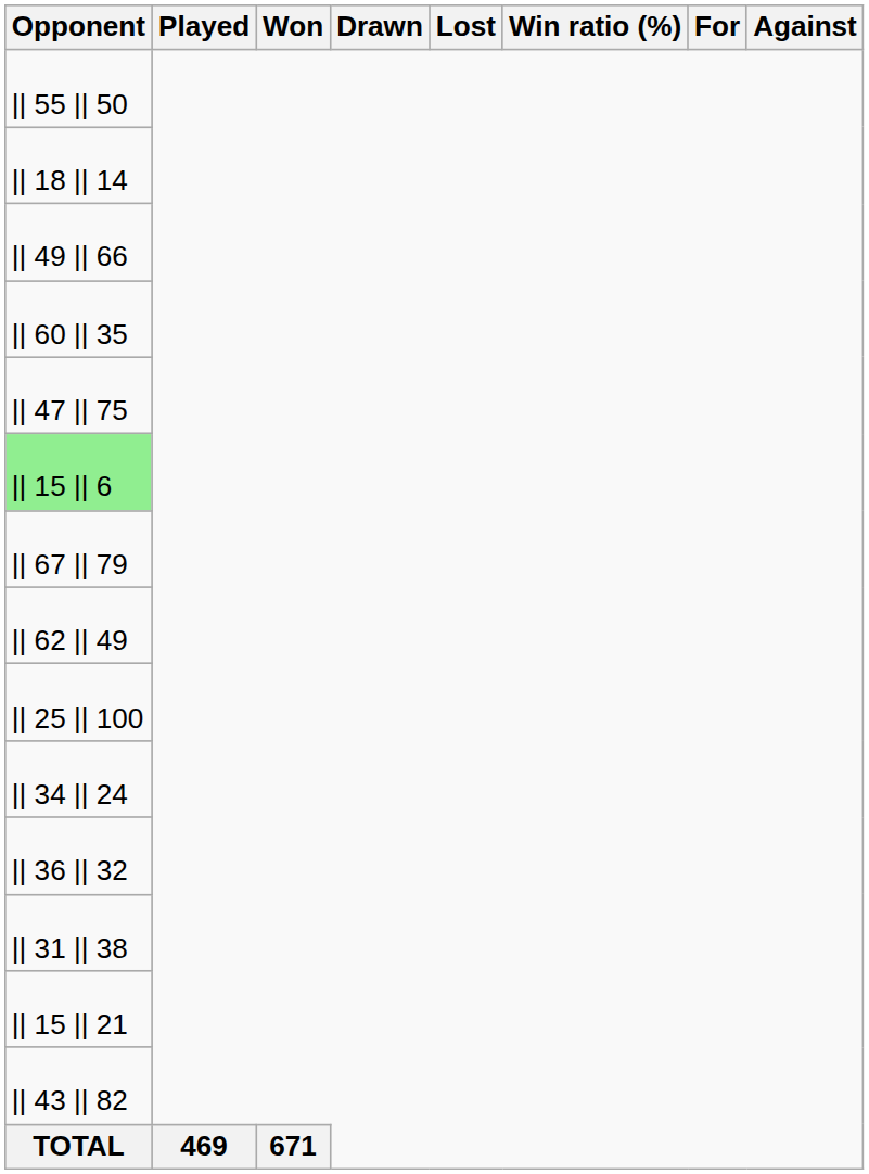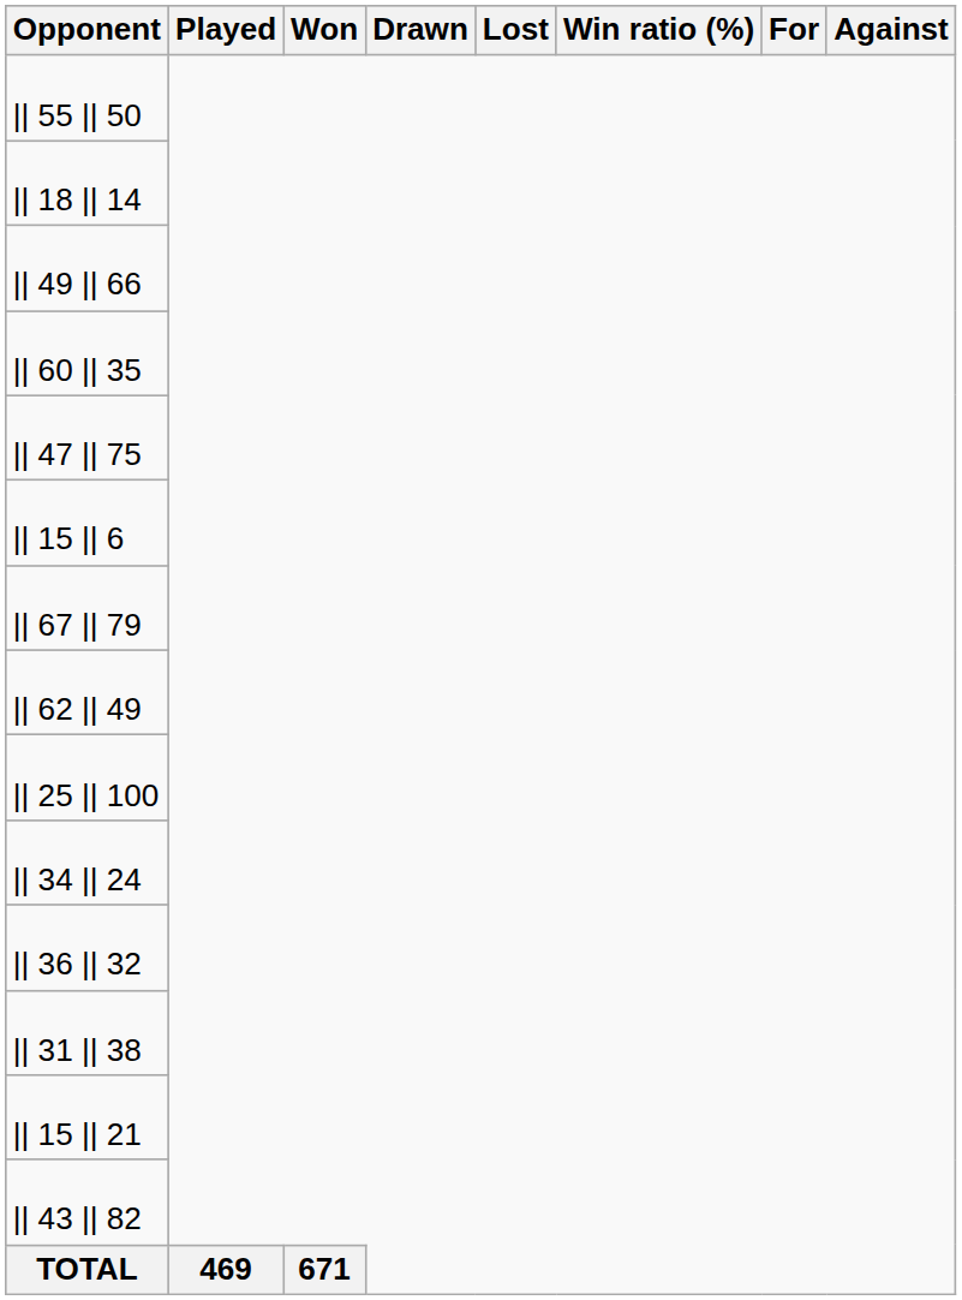 <table class="wikitable">
 <tr>
 <th>Opponent</th>
 <th>Played</th>
 <th>Won</th>
 <th>Drawn</th>
 <th>Lost</th>
 <th>Win ratio (%)</th>
 <th>For</th>
 <th>Against</th>
 </tr>
 <tr align=center>
 <td align=left><br> || 55 || 50</td>
 </tr>
 <tr align=center>
 <td align=left><br> || 18 || 14</td>
 </tr>
 <tr align=center>
 <td align=left><br> || 49 || 66</td>
 </tr>
 <tr align=center>
 <td align=left><br> || 60 || 35</td>
 </tr>
 <tr align=center>
 <td align=left><br> || 47 || 75</td>
 </tr>
 <tr align=center>
-<td align=left style="background: lightgreen;"><br> || 15 || 6</td>
+<td align=left><br> || 15 || 6</td>
 </tr>
 <tr align=center>
 <td align=left><br> || 67 || 79</td>
 </tr>
 <tr align=center>
 <td align=left><br> || 62 || 49</td>
 </tr>
 <tr align=center>
 <td align=left><br> || 25 || 100</td>
 </tr>
 <tr align=center>
 <td align=left><br> || 34 || 24</td>
 </tr>
 <tr align=center>
 <td align=left><br> || 36 || 32</td>
 </tr>
 <tr align=center>
 <td align=left><br> || 31 || 38</td>
 </tr>
 <tr align=center>
 <td align=left><br> || 15 || 21</td>
 </tr>
 <tr align=center>
 <td align=left><br> || 43 || 82</td>
 </tr>
 <tr align=center>
 <th>TOTAL<br></th>
 <th>469</th>
 <th>671</th>
 </tr>
 </table>
